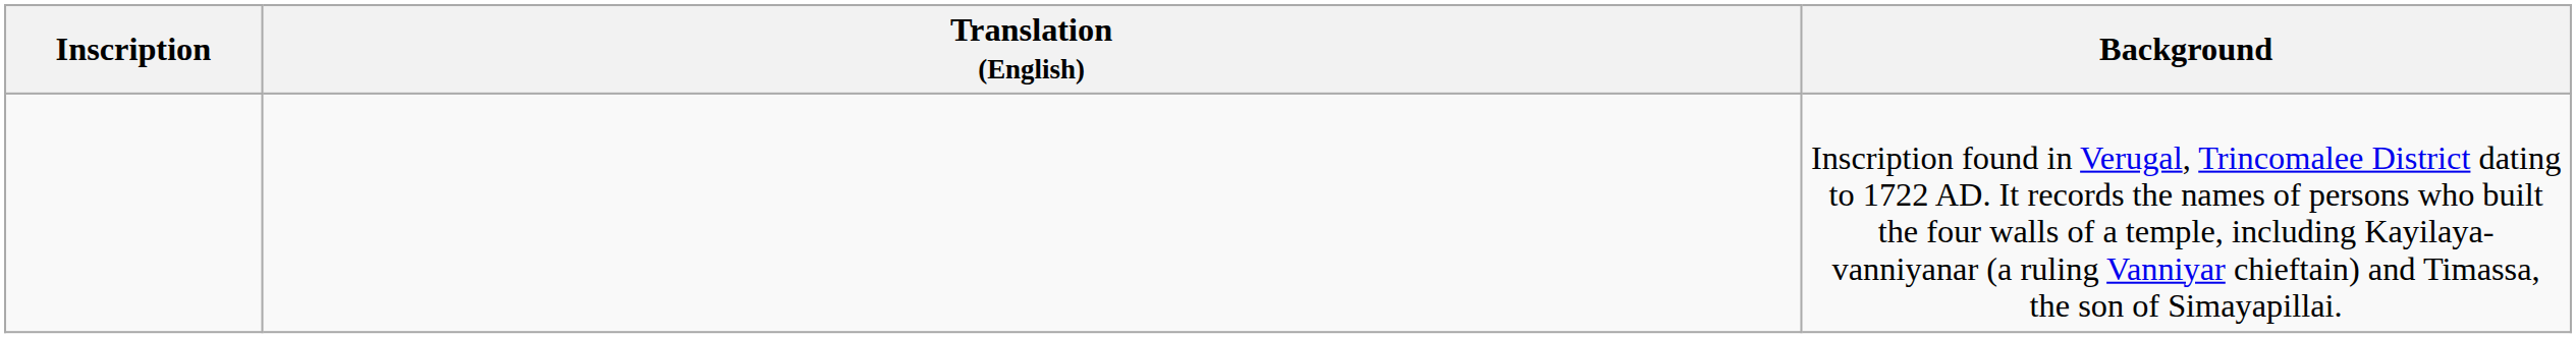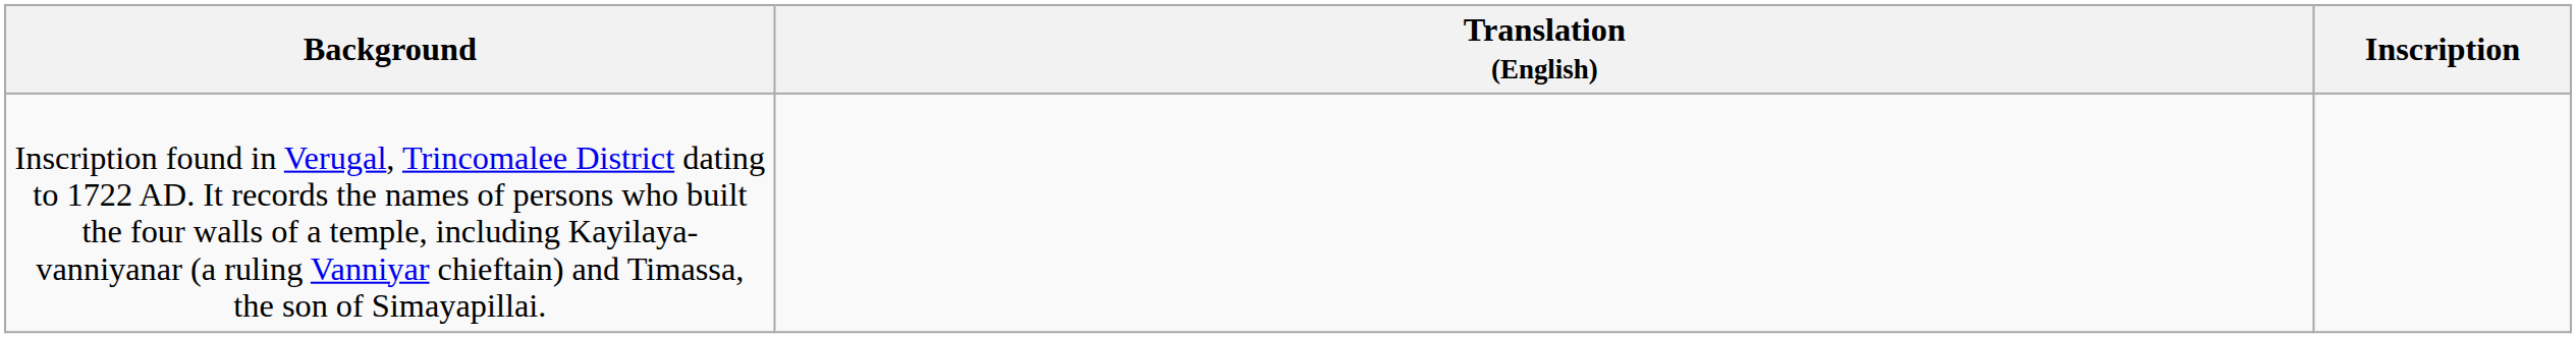 <table class="wikitable centre">
 <tr>
+<th scope="col" align=left>Background<br></th>
+<th>Translation<br><small>(English)</small></th>
 <th>Inscription<br></th>
-<th>Translation<br><small>(English)</small></th>
-<th scope="col" align=left>Background<br></th>
 </tr>
 <tr>
+<td align=center width="30%"><br>Inscription found in <a href='#'>Verugal</a>, <a href='#'>Trincomalee District</a> dating to 1722 AD. It records the names of persons who built the four walls of a temple, including Kayilaya-vanniyanar (a ruling <a href='#'>Vanniyar</a> chieftain) and Timassa, the son of Simayapillai.</td>
+<td align=left></td>
 <td align=center width="10%"></td>
-<td align=left></td>
-<td align=center width="30%"><br>Inscription found in <a href='#'>Verugal</a>, <a href='#'>Trincomalee District</a> dating to 1722 AD. It records the names of persons who built the four walls of a temple, including Kayilaya-vanniyanar (a ruling <a href='#'>Vanniyar</a> chieftain) and Timassa, the son of Simayapillai.</td>
 </tr>
 </table>
